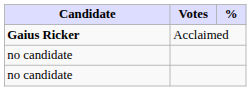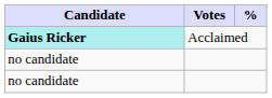 <table class="wikitable">
 <tr>
 <th style="background:#ddf; width:200px;">Candidate</th>
 <th style="background:#ddf; width:50px;">Votes</th>
 <th style="background:#ddf; width:30px;">%</th>
 </tr>
 <tr>
-<td><strong>Gaius Ricker</strong></td>
+<td style="background: paleturquoise;"><strong>Gaius Ricker</strong></td>
 <td colspan="2">Acclaimed</td>
 </tr>
 <tr>
 <td>no candidate</td>
 <td colspan="2"></td>
 </tr>
 <tr>
 <td>no candidate</td>
 <td colspan="2"></td>
 </tr>
 </table>
